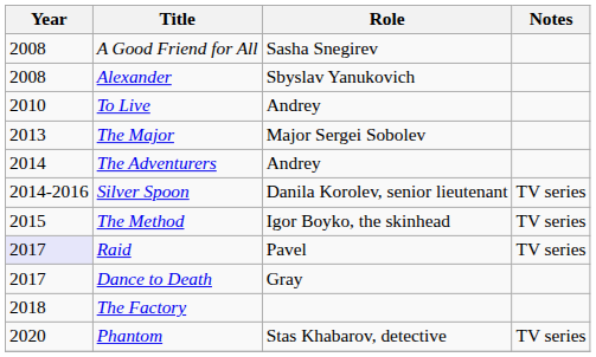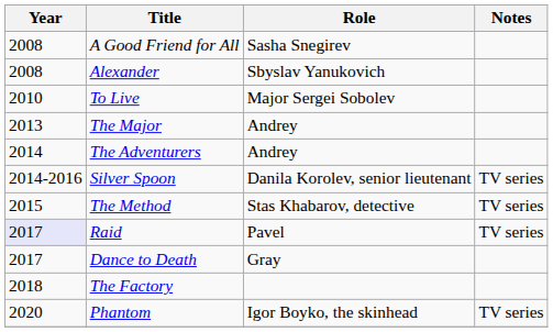 <table class="wikitable sortable">
 <tr>
 <th>Year</th>
 <th>Title</th>
 <th>Role</th>
 <th>Notes</th>
 </tr>
 <tr>
 <td>2008</td>
 <td><em>A Good Friend for All</em></td>
 <td>Sasha Snegirev</td>
 <td></td>
 </tr>
 <tr>
 <td>2008</td>
 <td><em><a href='#'>Alexander</a></em></td>
 <td>Sbyslav Yanukovich</td>
 <td></td>
 </tr>
 <tr>
 <td>2010</td>
 <td><em><a href='#'>To Live</a></em></td>
-<td>Andrey</td>
+<td>Major Sergei Sobolev</td>
 <td></td>
 </tr>
 <tr>
 <td>2013</td>
 <td><em><a href='#'>The Major</a></em></td>
-<td>Major Sergei Sobolev</td>
+<td>Andrey</td>
 <td></td>
 </tr>
 <tr>
 <td>2014</td>
 <td><em><a href='#'>The Adventurers</a></em></td>
 <td>Andrey</td>
 <td></td>
 </tr>
 <tr>
 <td>2014-2016</td>
 <td><em><a href='#'>Silver Spoon</a></em></td>
 <td>Danila Korolev, senior lieutenant</td>
 <td>TV series</td>
 </tr>
 <tr>
 <td>2015</td>
 <td><em><a href='#'>The Method</a></em></td>
-<td>Igor Boyko, the skinhead</td>
+<td>Stas Khabarov, detective</td>
 <td>TV series</td>
 </tr>
 <tr>
 <td style="background: lavender;">2017</td>
 <td><em><a href='#'>Raid</a></em></td>
 <td>Pavel</td>
 <td>TV series</td>
 </tr>
 <tr>
 <td>2017</td>
 <td><em><a href='#'>Dance to Death</a></em></td>
 <td>Gray</td>
 <td></td>
 </tr>
 <tr>
 <td>2018</td>
 <td><em><a href='#'>The Factory</a></em></td>
 <td></td>
 <td></td>
 </tr>
 <tr>
 <td>2020</td>
 <td><em><a href='#'>Phantom</a></em></td>
-<td>Stas Khabarov, detective</td>
+<td>Igor Boyko, the skinhead</td>
 <td>TV series</td>
 </tr>
 <tr>
 </tr>
 </table>
